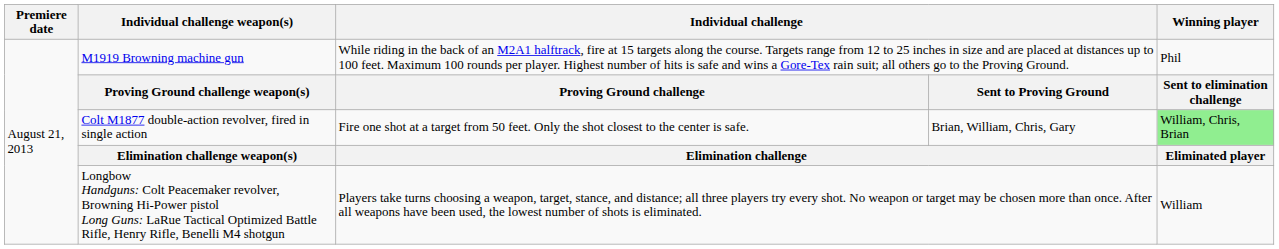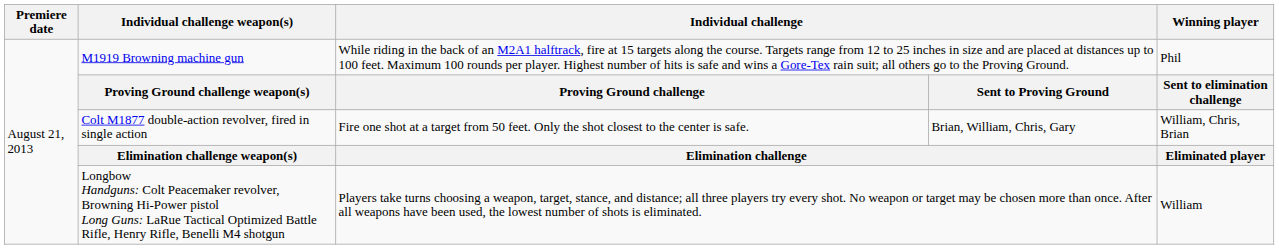 <table class="wikitable">
 <tr>
 <th>Premiere date</th>
 <th>Individual challenge weapon(s)</th>
 <th colspan="2">Individual challenge</th>
 <th>Winning player</th>
 </tr>
 <tr>
 <td rowspan="5">August 21, 2013</td>
 <td><a href='#'>M1919 Browning machine gun</a></td>
 <td colspan="2">While riding in the back of an <a href='#'>M2A1 halftrack</a>, fire at 15 targets along the course. Targets range from 12 to 25 inches in size and are placed at distances up to 100 feet. Maximum 100 rounds per player. Highest number of hits is safe and wins a <a href='#'>Gore-Tex</a> rain suit; all others go to the Proving Ground.</td>
 <td>Phil</td>
 </tr>
 <tr>
 <th>Proving Ground challenge weapon(s)</th>
 <th>Proving Ground challenge</th>
 <th>Sent to Proving Ground</th>
 <th>Sent to elimination challenge</th>
 </tr>
 <tr>
 <td><a href='#'>Colt M1877</a> double-action revolver, fired in single action</td>
 <td>Fire one shot at a target from 50 feet. Only the shot closest to the center is safe.</td>
 <td>Brian, William, Chris, Gary</td>
-<td style="background: lightgreen;">William, Chris, Brian</td>
+<td>William, Chris, Brian</td>
 </tr>
 <tr>
 <th>Elimination challenge weapon(s)</th>
 <th colspan="2">Elimination challenge</th>
 <th>Eliminated player</th>
 </tr>
 <tr>
 <td>Longbow<br><em>Handguns:</em> Colt Peacemaker revolver, Browning Hi-Power pistol<br><em>Long Guns:</em> LaRue Tactical Optimized Battle Rifle, Henry Rifle, Benelli M4 shotgun</td>
 <td colspan="2">Players take turns choosing a weapon, target, stance, and distance; all three players try every shot. No weapon or target may be chosen more than once. After all weapons have been used, the lowest number of shots is eliminated.</td>
 <td>William</td>
 </tr>
 </table>
